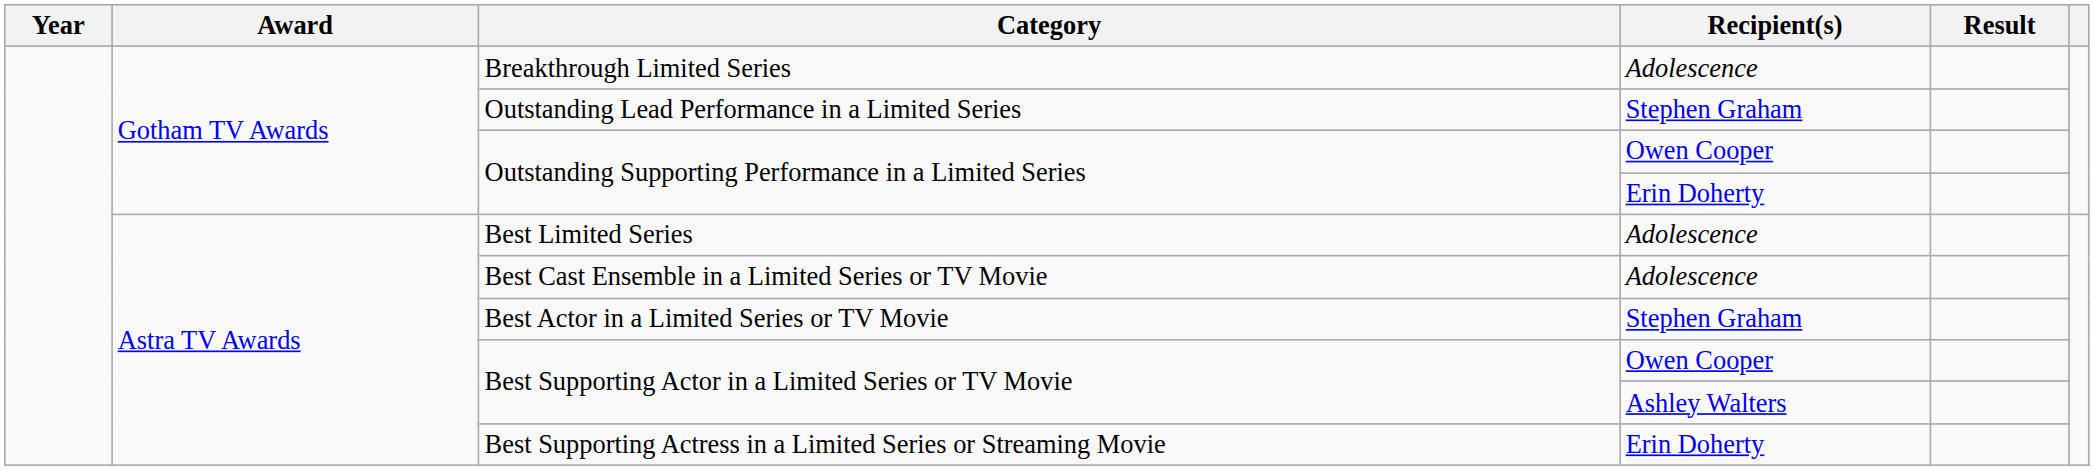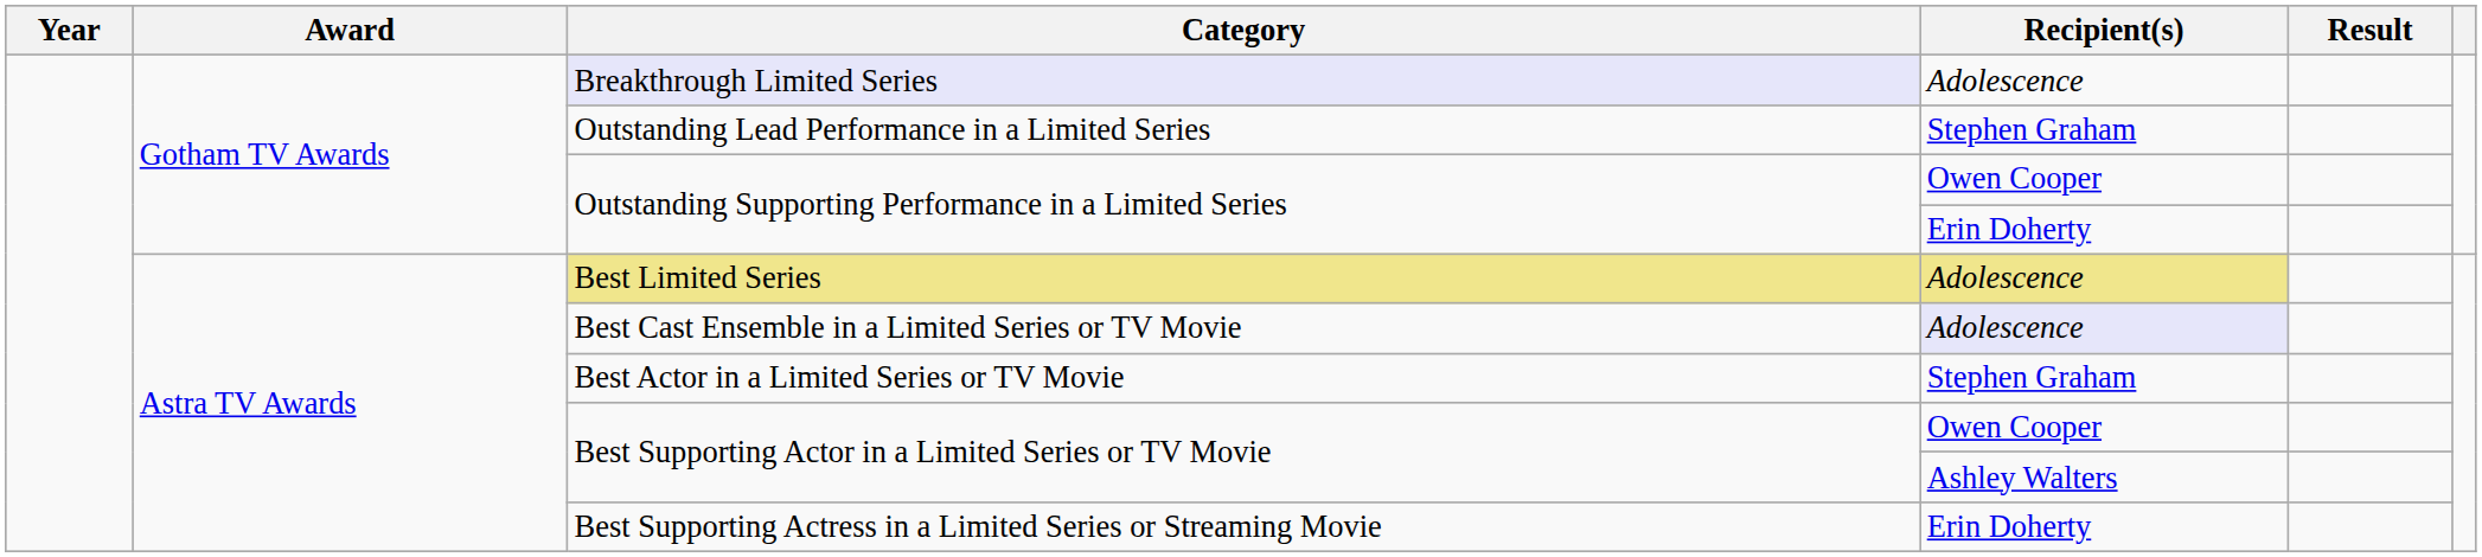 <table class="wikitable sortable plainrowheaders" style="width: 100%;">
 <tr>
 <th scope="col">Year</th>
 <th scope="col">Award</th>
 <th scope="col">Category</th>
 <th scope="col">Recipient(s)</th>
 <th scope="col">Result</th>
 <th scope="col" class="unsortable"></th>
 </tr>
 <tr>
 <td rowspan="10"></td>
 <td rowspan="4"><a href='#'>Gotham TV Awards</a></td>
-<td>Breakthrough Limited Series</td>
+<td style="background: lavender;">Breakthrough Limited Series</td>
 <td><em>Adolescence</em></td>
 <td></td>
 <td align="center" rowspan="4"></td>
 </tr>
 <tr>
 <td>Outstanding Lead Performance in a Limited Series</td>
 <td><a href='#'>Stephen Graham</a></td>
 <td></td>
 </tr>
 <tr>
 <td rowspan="2">Outstanding Supporting Performance in a Limited Series</td>
 <td><a href='#'>Owen Cooper</a></td>
 <td></td>
 </tr>
 <tr>
 <td><a href='#'>Erin Doherty</a></td>
 <td></td>
 </tr>
 <tr>
 <td rowspan="6"><a href='#'>Astra TV Awards</a></td>
-<td>Best Limited Series</td>
-<td><em>Adolescence</em></td>
+<td style="background: khaki;">Best Limited Series</td>
+<td style="background: khaki;"><em>Adolescence</em></td>
 <td></td>
 <td align="center" rowspan="6"></td>
 </tr>
 <tr>
 <td>Best Cast Ensemble in a Limited Series or TV Movie</td>
-<td><em>Adolescence</em></td>
+<td style="background: lavender;"><em>Adolescence</em></td>
 <td></td>
 </tr>
 <tr>
 <td>Best Actor in a Limited Series or TV Movie</td>
 <td><a href='#'>Stephen Graham</a></td>
 <td></td>
 </tr>
 <tr>
 <td rowspan="2">Best Supporting Actor in a Limited Series or TV Movie</td>
 <td><a href='#'>Owen Cooper</a></td>
 <td></td>
 </tr>
 <tr>
 <td><a href='#'>Ashley Walters</a></td>
 <td></td>
 </tr>
 <tr>
 <td>Best Supporting Actress in a Limited Series or Streaming Movie</td>
 <td><a href='#'>Erin Doherty</a></td>
 <td></td>
 </tr>
 </table>
